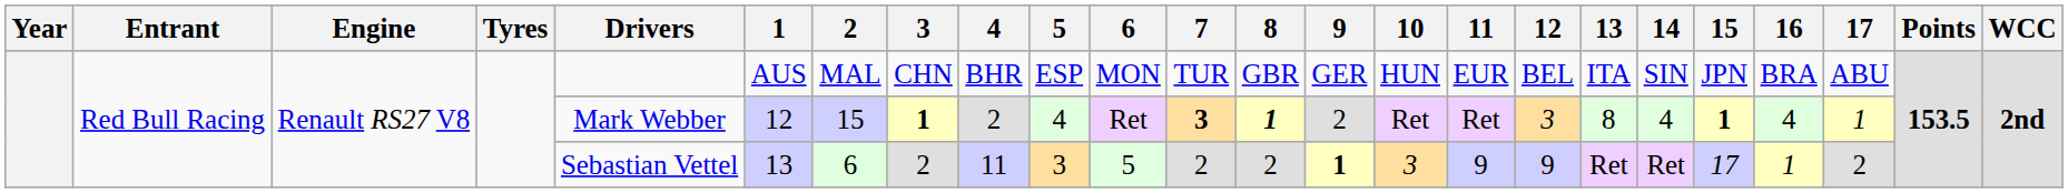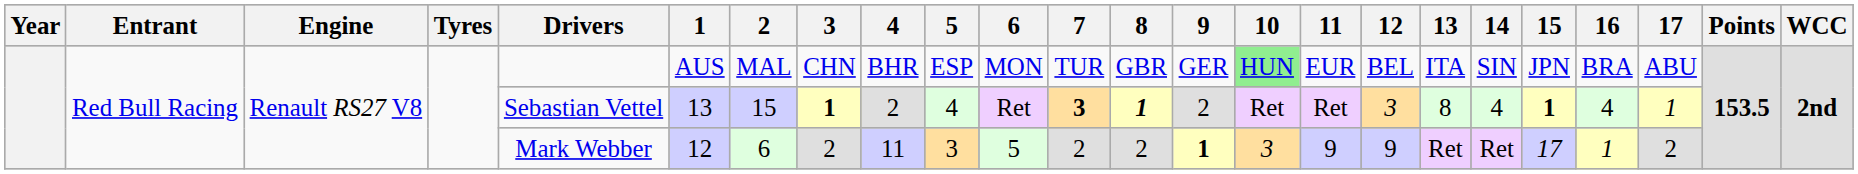 <table class="wikitable" style="text-align:center; font-size:95%">
 <tr>
 <th>Year</th>
 <th>Entrant</th>
 <th>Engine</th>
 <th>Tyres</th>
 <th>Drivers</th>
 <th>1</th>
 <th>2</th>
 <th>3</th>
 <th>4</th>
 <th>5</th>
 <th>6</th>
 <th>7</th>
 <th>8</th>
 <th>9</th>
 <th>10</th>
 <th>11</th>
 <th>12</th>
 <th>13</th>
 <th>14</th>
 <th>15</th>
 <th>16</th>
 <th>17</th>
 <th>Points</th>
 <th>WCC</th>
 </tr>
 <tr>
 <th rowspan="3"></th>
 <td rowspan="3"><a href='#'>Red Bull Racing</a></td>
 <td rowspan="3"><a href='#'>Renault</a> <em>RS27</em> <a href='#'>V8</a></td>
 <td rowspan="3"></td>
 <td></td>
 <td><a href='#'>AUS</a></td>
 <td><a href='#'>MAL</a></td>
 <td><a href='#'>CHN</a></td>
 <td><a href='#'>BHR</a></td>
 <td><a href='#'>ESP</a></td>
 <td><a href='#'>MON</a></td>
 <td><a href='#'>TUR</a></td>
 <td><a href='#'>GBR</a></td>
 <td><a href='#'>GER</a></td>
-<td><a href='#'>HUN</a></td>
+<td style="background: lightgreen;"><a href='#'>HUN</a></td>
 <td><a href='#'>EUR</a></td>
 <td><a href='#'>BEL</a></td>
 <td><a href='#'>ITA</a></td>
 <td><a href='#'>SIN</a></td>
 <td><a href='#'>JPN</a></td>
 <td><a href='#'>BRA</a></td>
 <td><a href='#'>ABU</a></td>
 <td rowspan=3 style="background:#DFDFDF;"><strong>153.5</strong></td>
 <td rowspan=3 style="background:#DFDFDF;"><strong>2nd</strong></td>
 </tr>
 <tr>
-<td> <a href='#'>Mark Webber</a></td>
-<td style="background:#cfcfff;">12</td>
+<td> <a href='#'>Sebastian Vettel</a></td>
+<td style="background:#cfcfff;">13</td>
 <td style="background:#cfcfff;">15</td>
 <td style="background:#FFFFBF;"><strong>1</strong></td>
 <td style="background:#DFDFDF;">2</td>
 <td style="background:#DFFFDF;">4</td>
 <td style="background:#EFCFFF;">Ret</td>
 <td style="background:#FFDF9F;"><strong>3</strong></td>
 <td style="background:#FFFFBF;"><strong><em>1</em></strong></td>
 <td style="background:#DFDFDF;">2</td>
 <td style="background:#EFCFFF;">Ret</td>
 <td style="background:#EFCFFF;">Ret</td>
 <td style="background:#FFDF9F;"><em>3</em></td>
 <td style="background:#DFFFDF;">8</td>
 <td style="background:#DFFFDF;">4</td>
 <td style="background:#FFFFBF;"><strong>1</strong></td>
 <td style="background:#DFFFDF;">4</td>
 <td style="background:#FFFFBF;"><em>1</em></td>
 </tr>
 <tr>
-<td> <a href='#'>Sebastian Vettel</a></td>
-<td style="background:#cfcfff;">13</td>
+<td> <a href='#'>Mark Webber</a></td>
+<td style="background:#cfcfff;">12</td>
 <td style="background:#DFFFDF;">6</td>
 <td style="background:#DFDFDF;">2</td>
 <td style="background:#CFCFFF;">11</td>
 <td style="background:#FFDF9F;">3</td>
 <td style="background:#DFFFDF;">5</td>
 <td style="background:#DFDFDF;">2</td>
 <td style="background:#DFDFDF;">2</td>
 <td style="background:#FFFFBF;"><strong>1</strong></td>
 <td style="background:#FFDF9F;"><em>3</em></td>
 <td style="background:#CFCFFF;">9</td>
 <td style="background:#CFCFFF;">9</td>
 <td style="background:#EFCFFF;">Ret</td>
 <td style="background:#EFCFFF;">Ret</td>
 <td style="background:#CFCFFF;"><em>17</em></td>
 <td style="background:#FFFFBF;"><em>1</em></td>
 <td style="background:#DFDFDF;">2</td>
 </tr>
 </table>
